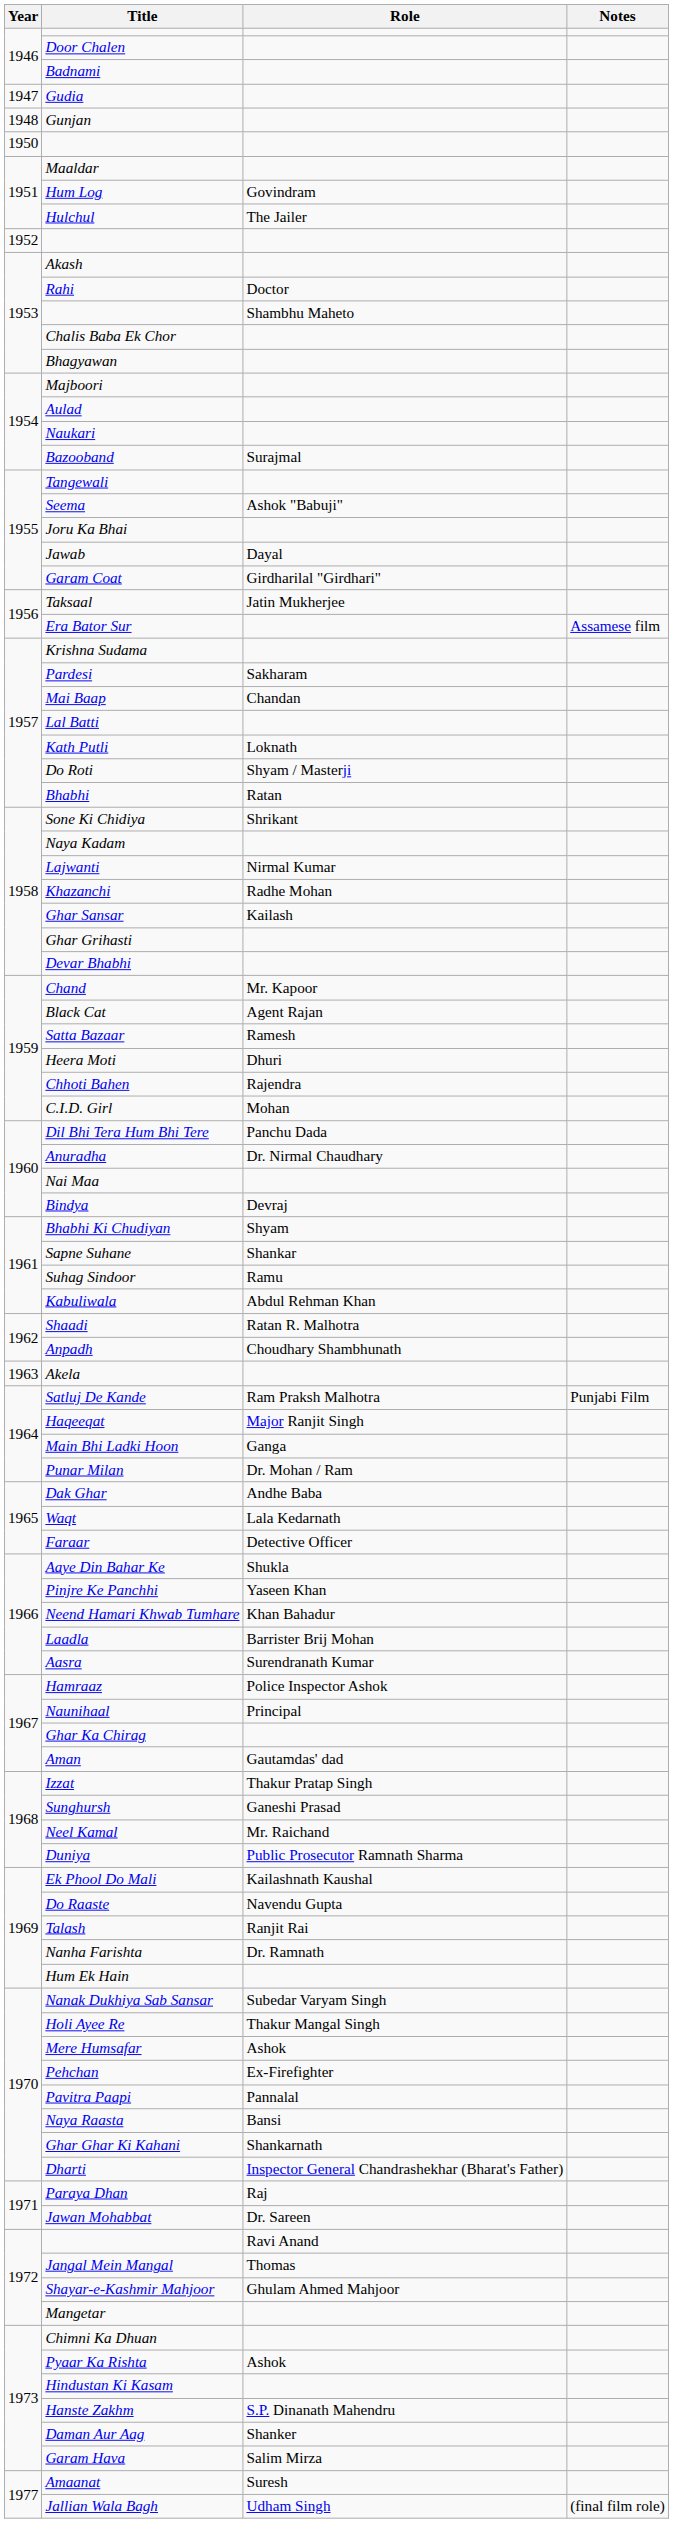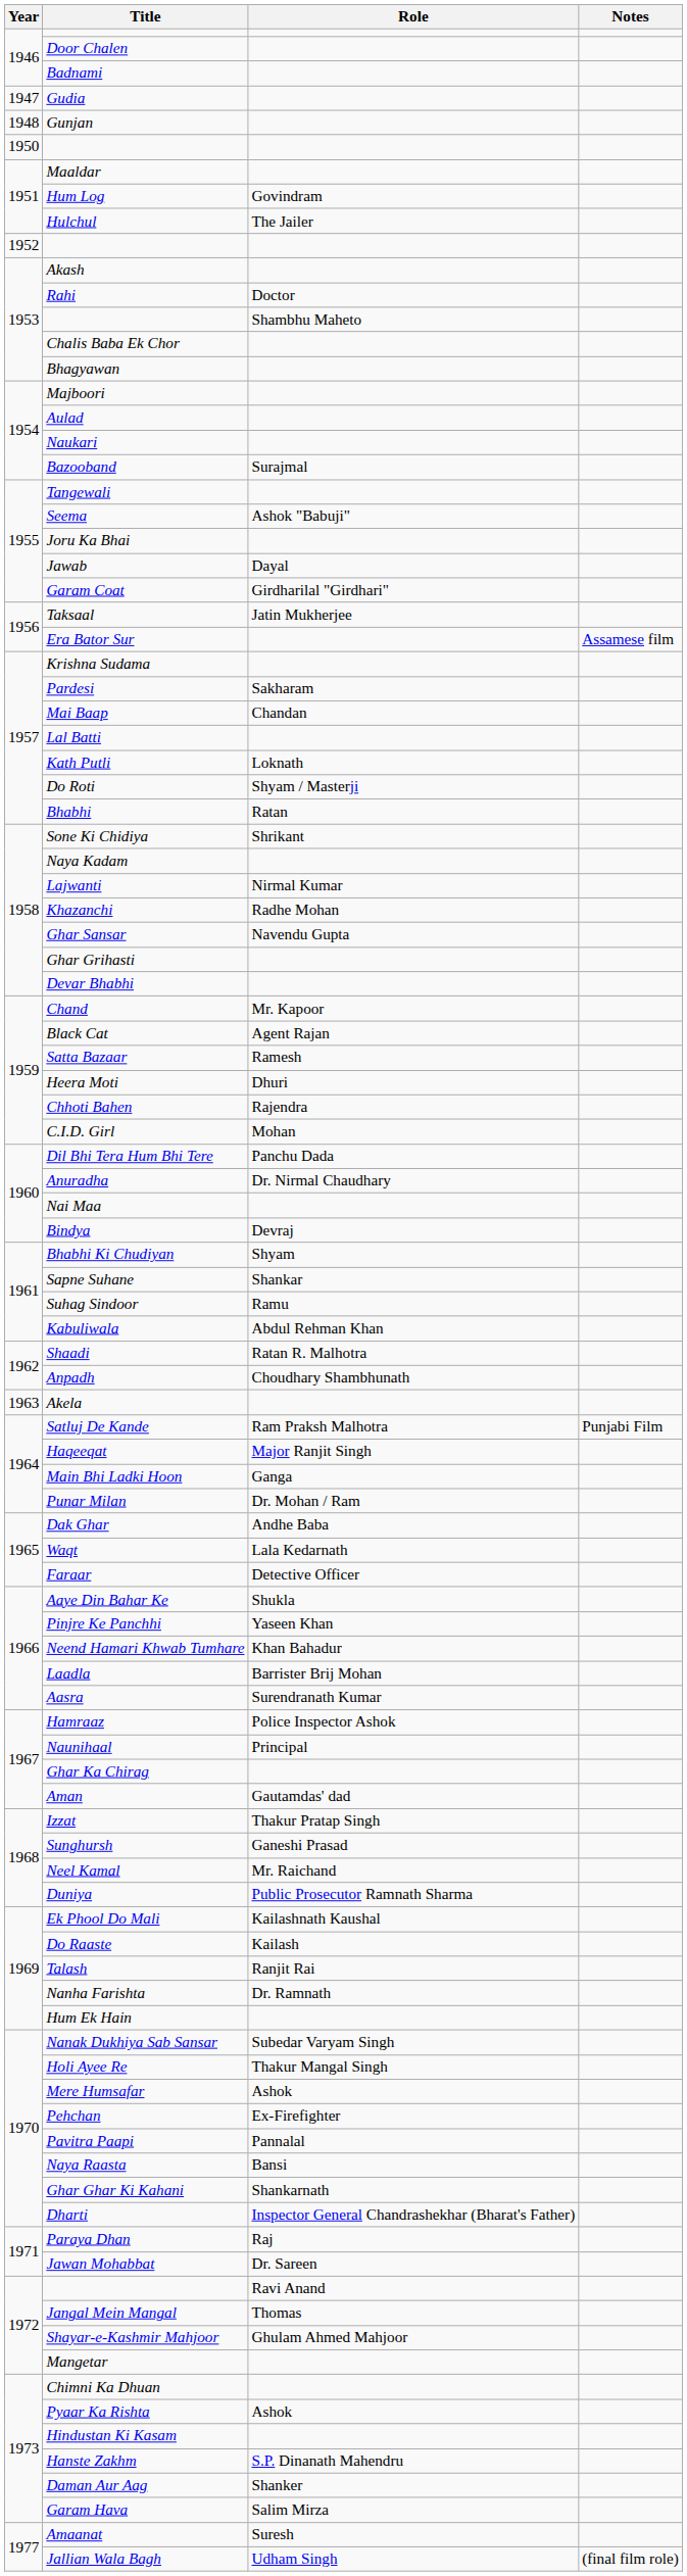 <table class="wikitable">
 <tr>
 <th>Year</th>
 <th>Title</th>
 <th>Role</th>
 <th>Notes</th>
 </tr>
 <tr>
 <td rowspan=3>1946</td>
 <td></td>
 <td></td>
 <td></td>
 </tr>
 <tr>
 <td><em><a href='#'>Door Chalen</a></em></td>
 <td></td>
 <td></td>
 </tr>
 <tr>
 <td><em><a href='#'>Badnami</a></em></td>
 <td></td>
 <td></td>
 </tr>
 <tr>
 <td>1947</td>
 <td><em><a href='#'>Gudia</a></em></td>
 <td></td>
 <td></td>
 </tr>
 <tr>
 <td>1948</td>
 <td><em>Gunjan</em></td>
 <td></td>
 <td></td>
 </tr>
 <tr>
 <td>1950</td>
 <td></td>
 <td></td>
 <td></td>
 </tr>
 <tr>
 <td rowspan=3>1951</td>
 <td><em>Maaldar</em></td>
 <td></td>
 <td></td>
 </tr>
 <tr>
 <td><em><a href='#'>Hum Log</a></em></td>
 <td>Govindram</td>
 <td></td>
 </tr>
 <tr>
 <td><em><a href='#'>Hulchul</a></em></td>
 <td>The Jailer</td>
 <td></td>
 </tr>
 <tr>
 <td rowspan=1>1952</td>
 <td></td>
 <td></td>
 <td></td>
 </tr>
 <tr>
 <td rowspan=5>1953</td>
 <td><em>Akash</em></td>
 <td></td>
 <td></td>
 </tr>
 <tr>
 <td><em><a href='#'>Rahi</a></em></td>
 <td>Doctor</td>
 <td></td>
 </tr>
 <tr>
 <td></td>
 <td>Shambhu Maheto</td>
 <td></td>
 </tr>
 <tr>
 <td><em>Chalis Baba Ek Chor</em></td>
 <td></td>
 <td></td>
 </tr>
 <tr>
 <td><em>Bhagyawan</em></td>
 <td></td>
 <td></td>
 </tr>
 <tr>
 <td rowspan=4>1954</td>
 <td><em>Majboori</em></td>
 <td></td>
 <td></td>
 </tr>
 <tr>
 <td><em><a href='#'>Aulad</a></em></td>
 <td></td>
 <td></td>
 </tr>
 <tr>
 <td><em><a href='#'>Naukari</a></em></td>
 <td></td>
 <td></td>
 </tr>
 <tr>
 <td><em><a href='#'>Bazooband</a></em></td>
 <td>Surajmal</td>
 <td></td>
 </tr>
 <tr>
 <td rowspan=5>1955</td>
 <td><em><a href='#'>Tangewali</a></em></td>
 <td></td>
 <td></td>
 </tr>
 <tr>
 <td><em><a href='#'>Seema</a></em></td>
 <td>Ashok "Babuji"</td>
 <td></td>
 </tr>
 <tr>
 <td><em>Joru Ka Bhai</em></td>
 <td></td>
 <td></td>
 </tr>
 <tr>
 <td><em>Jawab</em></td>
 <td>Dayal</td>
 <td></td>
 </tr>
 <tr>
 <td><em><a href='#'>Garam Coat</a></em></td>
 <td>Girdharilal "Girdhari"</td>
 <td></td>
 </tr>
 <tr>
 <td rowspan=2>1956</td>
 <td><em>Taksaal</em></td>
 <td>Jatin Mukherjee</td>
 <td></td>
 </tr>
 <tr>
 <td><em><a href='#'>Era Bator Sur</a></em></td>
 <td></td>
 <td><a href='#'>Assamese</a> film</td>
 </tr>
 <tr>
 <td rowspan=7>1957</td>
 <td><em>Krishna Sudama</em></td>
 <td></td>
 <td></td>
 </tr>
 <tr>
 <td><em><a href='#'>Pardesi</a></em></td>
 <td>Sakharam</td>
 <td></td>
 </tr>
 <tr>
 <td><em><a href='#'>Mai Baap</a></em></td>
 <td>Chandan</td>
 <td></td>
 </tr>
 <tr>
 <td><em><a href='#'>Lal Batti</a></em></td>
 <td></td>
 <td></td>
 </tr>
 <tr>
 <td><em><a href='#'>Kath Putli</a></em></td>
 <td>Loknath</td>
 <td></td>
 </tr>
 <tr>
 <td><em>Do Roti</em></td>
 <td>Shyam / Master<a href='#'>ji</a></td>
 <td></td>
 </tr>
 <tr>
 <td><em><a href='#'>Bhabhi</a></em></td>
 <td>Ratan</td>
 <td></td>
 </tr>
 <tr>
 <td rowspan=7>1958</td>
 <td><em>Sone Ki Chidiya</em></td>
 <td>Shrikant</td>
 <td></td>
 </tr>
 <tr>
 <td><em>Naya Kadam</em></td>
 <td></td>
 <td></td>
 </tr>
 <tr>
 <td><em><a href='#'>Lajwanti</a></em></td>
 <td>Nirmal Kumar</td>
 <td></td>
 </tr>
 <tr>
 <td><em><a href='#'>Khazanchi</a></em></td>
 <td>Radhe Mohan</td>
 <td></td>
 </tr>
 <tr>
 <td><em><a href='#'>Ghar Sansar</a></em></td>
-<td>Kailash</td>
+<td>Navendu Gupta</td>
 <td></td>
 </tr>
 <tr>
 <td><em>Ghar Grihasti</em></td>
 <td></td>
 <td></td>
 </tr>
 <tr>
 <td><em><a href='#'>Devar Bhabhi</a></em></td>
 <td></td>
 <td></td>
 </tr>
 <tr>
 <td rowspan=6>1959</td>
 <td><em><a href='#'>Chand</a></em></td>
 <td>Mr. Kapoor</td>
 <td></td>
 </tr>
 <tr>
 <td><em>Black Cat</em></td>
 <td>Agent Rajan</td>
 <td></td>
 </tr>
 <tr>
 <td><em><a href='#'>Satta Bazaar</a></em></td>
 <td>Ramesh</td>
 <td></td>
 </tr>
 <tr>
 <td><em>Heera Moti</em></td>
 <td>Dhuri</td>
 <td></td>
 </tr>
 <tr>
 <td><em><a href='#'>Chhoti Bahen</a></em></td>
 <td>Rajendra</td>
 <td></td>
 </tr>
 <tr>
 <td><em>C.I.D. Girl</em></td>
 <td>Mohan</td>
 <td></td>
 </tr>
 <tr>
 <td rowspan=4>1960</td>
 <td><em><a href='#'>Dil Bhi Tera Hum Bhi Tere</a></em></td>
 <td>Panchu Dada</td>
 <td></td>
 </tr>
 <tr>
 <td><em><a href='#'>Anuradha</a></em></td>
 <td>Dr. Nirmal Chaudhary</td>
 <td></td>
 </tr>
 <tr>
 <td><em>Nai Maa</em></td>
 <td></td>
 <td></td>
 </tr>
 <tr>
 <td><em><a href='#'>Bindya</a></em></td>
 <td>Devraj</td>
 <td></td>
 </tr>
 <tr>
 <td rowspan=4>1961</td>
 <td><em><a href='#'>Bhabhi Ki Chudiyan</a></em></td>
 <td>Shyam</td>
 <td></td>
 </tr>
 <tr>
 <td><em>Sapne Suhane</em></td>
 <td>Shankar</td>
 <td></td>
 </tr>
 <tr>
 <td><em>Suhag Sindoor</em></td>
 <td>Ramu</td>
 <td></td>
 </tr>
 <tr>
 <td><em><a href='#'>Kabuliwala</a></em></td>
 <td>Abdul Rehman Khan</td>
 <td></td>
 </tr>
 <tr>
 <td rowspan=2>1962</td>
 <td><em><a href='#'>Shaadi</a></em></td>
 <td>Ratan R. Malhotra</td>
 <td></td>
 </tr>
 <tr>
 <td><em><a href='#'>Anpadh</a></em></td>
 <td>Choudhary Shambhunath</td>
 <td></td>
 </tr>
 <tr>
 <td>1963</td>
 <td><em>Akela</em></td>
 <td></td>
 <td></td>
 </tr>
 <tr>
 <td rowspan=4>1964</td>
 <td><em><a href='#'>Satluj De Kande</a></em></td>
 <td>Ram Praksh Malhotra</td>
 <td>Punjabi Film</td>
 </tr>
 <tr>
 <td><em><a href='#'>Haqeeqat</a></em></td>
 <td><a href='#'>Major</a> Ranjit Singh</td>
 <td></td>
 </tr>
 <tr>
 <td><em><a href='#'>Main Bhi Ladki Hoon</a></em></td>
 <td>Ganga</td>
 <td></td>
 </tr>
 <tr>
 <td><em><a href='#'>Punar Milan</a></em></td>
 <td>Dr. Mohan / Ram</td>
 <td></td>
 </tr>
 <tr>
 <td rowspan=3>1965</td>
 <td><em><a href='#'>Dak Ghar</a></em></td>
 <td>Andhe Baba</td>
 <td></td>
 </tr>
 <tr>
 <td><em><a href='#'>Waqt</a></em></td>
 <td>Lala Kedarnath</td>
 <td></td>
 </tr>
 <tr>
 <td><em><a href='#'>Faraar</a></em></td>
 <td>Detective Officer</td>
 <td></td>
 </tr>
 <tr>
 <td rowspan=5>1966</td>
 <td><em><a href='#'>Aaye Din Bahar Ke</a></em></td>
 <td>Shukla</td>
 <td></td>
 </tr>
 <tr>
 <td><em><a href='#'>Pinjre Ke Panchhi</a></em></td>
 <td>Yaseen Khan</td>
 <td></td>
 </tr>
 <tr>
 <td><em><a href='#'>Neend Hamari Khwab Tumhare</a></em></td>
 <td>Khan Bahadur</td>
 <td></td>
 </tr>
 <tr>
 <td><em><a href='#'>Laadla</a></em></td>
 <td>Barrister Brij Mohan</td>
 <td></td>
 </tr>
 <tr>
 <td><em><a href='#'>Aasra</a></em></td>
 <td>Surendranath Kumar</td>
 <td></td>
 </tr>
 <tr>
 <td rowspan=4>1967</td>
 <td><em><a href='#'>Hamraaz</a></em></td>
 <td>Police Inspector Ashok</td>
 <td></td>
 </tr>
 <tr>
 <td><em><a href='#'>Naunihaal</a></em></td>
 <td>Principal</td>
 <td></td>
 </tr>
 <tr>
 <td><em><a href='#'>Ghar Ka Chirag</a></em></td>
 <td></td>
 <td></td>
 </tr>
 <tr>
 <td><em><a href='#'>Aman</a></em></td>
 <td>Gautamdas' dad</td>
 <td></td>
 </tr>
 <tr>
 <td rowspan=4>1968</td>
 <td><em><a href='#'>Izzat</a></em></td>
 <td>Thakur Pratap Singh</td>
 <td></td>
 </tr>
 <tr>
 <td><em><a href='#'>Sunghursh</a></em></td>
 <td>Ganeshi Prasad</td>
 <td></td>
 </tr>
 <tr>
 <td><em><a href='#'>Neel Kamal</a></em></td>
 <td>Mr. Raichand</td>
 <td></td>
 </tr>
 <tr>
 <td><em><a href='#'>Duniya</a></em></td>
 <td><a href='#'>Public Prosecutor</a> Ramnath Sharma</td>
 <td></td>
 </tr>
 <tr>
 <td rowspan=5>1969</td>
 <td><em><a href='#'>Ek Phool Do Mali</a></em></td>
 <td>Kailashnath Kaushal</td>
 <td></td>
 </tr>
 <tr>
 <td><em><a href='#'>Do Raaste</a></em></td>
-<td>Navendu Gupta</td>
+<td>Kailash</td>
 <td></td>
 </tr>
 <tr>
 <td><em><a href='#'>Talash</a></em></td>
 <td>Ranjit Rai</td>
 <td></td>
 </tr>
 <tr>
 <td><em>Nanha Farishta</em></td>
 <td>Dr. Ramnath</td>
 <td></td>
 </tr>
 <tr>
 <td><em>Hum Ek Hain</em></td>
 <td></td>
 <td></td>
 </tr>
 <tr>
 <td rowspan=8>1970</td>
 <td><em><a href='#'>Nanak Dukhiya Sab Sansar</a></em></td>
 <td>Subedar Varyam Singh</td>
 <td></td>
 </tr>
 <tr>
 <td><em><a href='#'>Holi Ayee Re</a></em></td>
 <td>Thakur Mangal Singh</td>
 <td></td>
 </tr>
 <tr>
 <td><em><a href='#'>Mere Humsafar</a></em></td>
 <td>Ashok</td>
 <td></td>
 </tr>
 <tr>
 <td><em><a href='#'>Pehchan</a></em></td>
 <td>Ex-Firefighter</td>
 <td></td>
 </tr>
 <tr>
 <td><em><a href='#'>Pavitra Paapi</a></em></td>
 <td>Pannalal</td>
 <td></td>
 </tr>
 <tr>
 <td><em><a href='#'>Naya Raasta</a></em></td>
 <td>Bansi</td>
 <td></td>
 </tr>
 <tr>
 <td><em><a href='#'>Ghar Ghar Ki Kahani</a></em></td>
 <td>Shankarnath</td>
 <td></td>
 </tr>
 <tr>
 <td><em><a href='#'>Dharti</a></em></td>
 <td><a href='#'>Inspector General</a> Chandrashekhar (Bharat's Father)</td>
 <td></td>
 </tr>
 <tr>
 <td rowspan=2>1971</td>
 <td><em><a href='#'>Paraya Dhan</a></em></td>
 <td>Raj</td>
 <td></td>
 </tr>
 <tr>
 <td><em><a href='#'>Jawan Mohabbat</a></em></td>
 <td>Dr. Sareen</td>
 <td></td>
 </tr>
 <tr>
 <td rowspan=4>1972</td>
 <td></td>
 <td>Ravi Anand</td>
 <td></td>
 </tr>
 <tr>
 <td><em><a href='#'>Jangal Mein Mangal</a></em></td>
 <td>Thomas</td>
 <td></td>
 </tr>
 <tr>
 <td><em><a href='#'>Shayar-e-Kashmir Mahjoor</a></em></td>
 <td>Ghulam Ahmed Mahjoor</td>
 <td></td>
 </tr>
 <tr>
 <td><em>Mangetar</em></td>
 <td></td>
 <td></td>
 </tr>
 <tr>
 <td rowspan=6>1973</td>
 <td><em>Chimni Ka Dhuan</em></td>
 <td></td>
 <td></td>
 </tr>
 <tr>
 <td><em><a href='#'>Pyaar Ka Rishta</a></em></td>
 <td>Ashok</td>
 <td></td>
 </tr>
 <tr>
 <td><em><a href='#'>Hindustan Ki Kasam</a></em></td>
 <td></td>
 <td></td>
 </tr>
 <tr>
 <td><em><a href='#'>Hanste Zakhm</a></em></td>
 <td><a href='#'>S.P.</a> Dinanath Mahendru</td>
 <td></td>
 </tr>
 <tr>
 <td><em><a href='#'>Daman Aur Aag</a></em></td>
 <td>Shanker</td>
 <td></td>
 </tr>
 <tr>
 <td><a href='#'><em>Garam Hava</em></a></td>
 <td>Salim Mirza</td>
 <td></td>
 </tr>
 <tr>
 <td rowspan=2>1977</td>
 <td><em><a href='#'>Amaanat</a></em></td>
 <td>Suresh</td>
 <td></td>
 </tr>
 <tr>
 <td><em><a href='#'>Jallian Wala Bagh</a></em></td>
 <td><a href='#'>Udham Singh</a></td>
 <td>(final film role)</td>
 </tr>
 </table>
